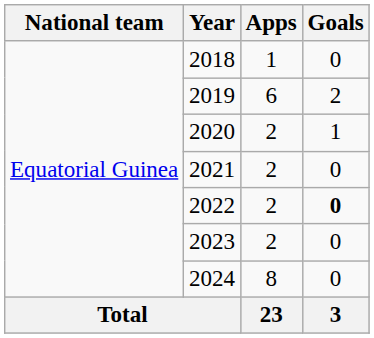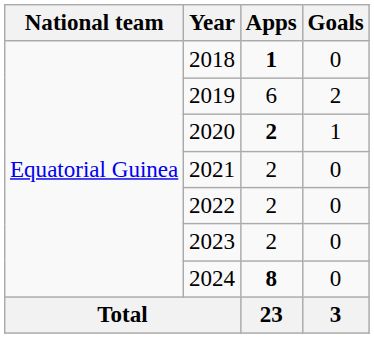 <table class=wikitable style=text-align:center>
 <tr>
 <th>National team</th>
 <th>Year</th>
 <th>Apps</th>
 <th>Goals</th>
 </tr>
 <tr>
 <td rowspan="7"><a href='#'>Equatorial Guinea</a></td>
 <td>2018</td>
-<td>1</td>
+<td><strong>1</strong></td>
 <td>0</td>
 </tr>
 <tr>
 <td>2019</td>
 <td>6</td>
 <td>2</td>
 </tr>
 <tr>
 <td>2020</td>
-<td>2</td>
+<td><strong>2</strong></td>
 <td>1</td>
 </tr>
 <tr>
 <td>2021</td>
 <td>2</td>
 <td>0</td>
 </tr>
 <tr>
 <td>2022</td>
 <td>2</td>
-<td><strong>0</strong></td>
+<td>0</td>
 </tr>
 <tr>
 <td>2023</td>
 <td>2</td>
 <td>0</td>
 </tr>
 <tr>
 <td>2024</td>
-<td>8</td>
+<td><strong>8</strong></td>
 <td>0</td>
 </tr>
 <tr>
 <th colspan="2">Total</th>
 <th>23</th>
 <th>3</th>
 </tr>
 </table>
